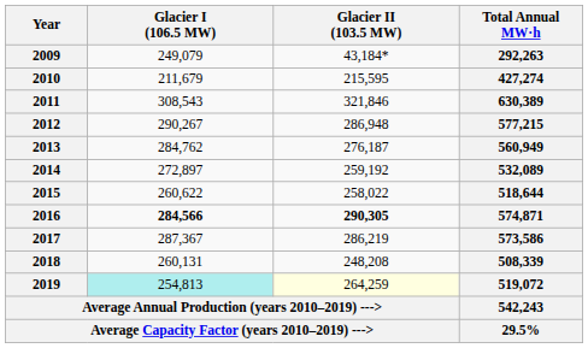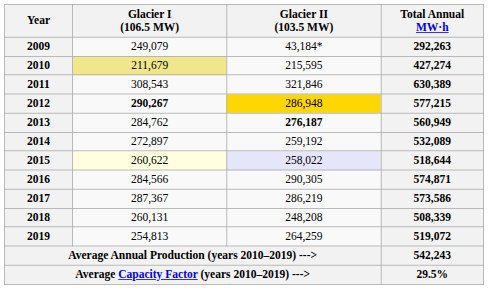 <table class=wikitable style="text-align:center; font-size:0.9em; width:600px;">
 <tr>
 <th>Year</th>
 <th>Glacier I<br>(106.5 MW) </th>
 <th>Glacier II<br>(103.5 MW) </th>
 <th>Total Annual<br> <a href='#'>MW·h</a></th>
 </tr>
 <tr>
 <th>2009</th>
 <td>249,079</td>
 <td>43,184*</td>
 <th>292,263</th>
 </tr>
 <tr>
 <th>2010</th>
-<td>211,679</td>
+<td style="background: khaki;">211,679</td>
 <td>215,595</td>
 <th>427,274</th>
 </tr>
 <tr>
 <th>2011</th>
 <td>308,543</td>
 <td>321,846</td>
 <th>630,389</th>
 </tr>
 <tr>
 <th>2012</th>
-<td>290,267</td>
-<td>286,948</td>
+<td><strong>290,267</strong></td>
+<td style="background: gold;">286,948</td>
 <th>577,215</th>
 </tr>
 <tr>
 <th>2013</th>
 <td>284,762</td>
-<td>276,187</td>
+<td><strong>276,187</strong></td>
 <th>560,949</th>
 </tr>
 <tr>
 <th>2014</th>
 <td>272,897</td>
 <td>259,192</td>
 <th>532,089</th>
 </tr>
 <tr>
 <th>2015</th>
-<td>260,622</td>
-<td>258,022</td>
+<td style="background: lightyellow;">260,622</td>
+<td style="background: lavender;">258,022</td>
 <th>518,644</th>
 </tr>
 <tr>
 <th>2016</th>
-<td><strong>284,566</strong></td>
-<td><strong>290,305</strong></td>
+<td>284,566</td>
+<td>290,305</td>
 <th>574,871</th>
 </tr>
 <tr>
 <th>2017</th>
 <td>287,367</td>
 <td>286,219</td>
 <th>573,586</th>
 </tr>
 <tr>
 <th>2018</th>
 <td>260,131</td>
 <td>248,208</td>
 <th>508,339</th>
 </tr>
 <tr>
 <th>2019</th>
-<td style="background: paleturquoise;">254,813</td>
-<td style="background: lightyellow;">264,259</td>
+<td>254,813</td>
+<td>264,259</td>
 <th>519,072</th>
 </tr>
 <tr>
 <th colspan=3>Average Annual Production (years 2010–2019) ---></th>
 <th>542,243</th>
 </tr>
 <tr>
 <th colspan=3>Average <a href='#'>Capacity Factor</a> (years 2010–2019) ---></th>
 <th>29.5%</th>
 </tr>
 </table>
